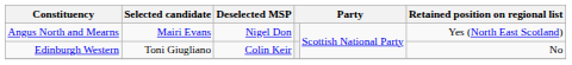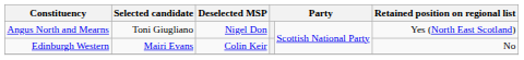 <table class="wikitable" style="text-align:right; font-size:90%; margin-bottom:0">
 <tr>
 <th>Constituency</th>
 <th>Selected candidate</th>
 <th>Deselected MSP</th>
 <th colspan="2">Party</th>
 <th>Retained position on regional list</th>
 </tr>
 <tr>
 <td><a href='#'>Angus North and Mearns</a></td>
-<td><a href='#'>Mairi Evans</a></td>
+<td>Toni Giugliano</td>
 <td><a href='#'>Nigel Don</a></td>
 <th style="background-color: "></th>
 <td rowspan="2"><a href='#'>Scottish National Party</a></td>
 <td>Yes (<a href='#'>North East Scotland</a>)</td>
 </tr>
 <tr>
 <td><a href='#'>Edinburgh Western</a></td>
-<td>Toni Giugliano</td>
+<td><a href='#'>Mairi Evans</a></td>
 <td><a href='#'>Colin Keir</a></td>
 <th style="background-color: "></th>
 <td>No</td>
 </tr>
 <tr>
 </tr>
 </table>
